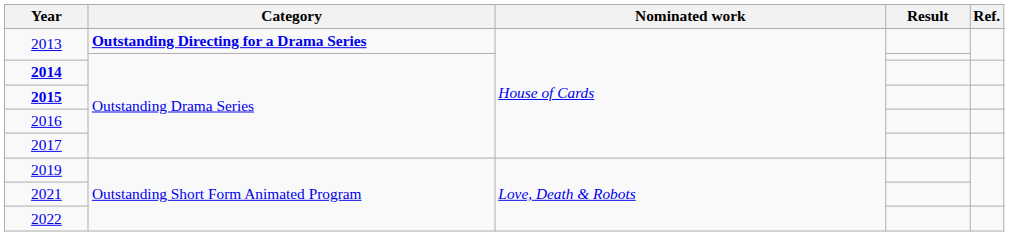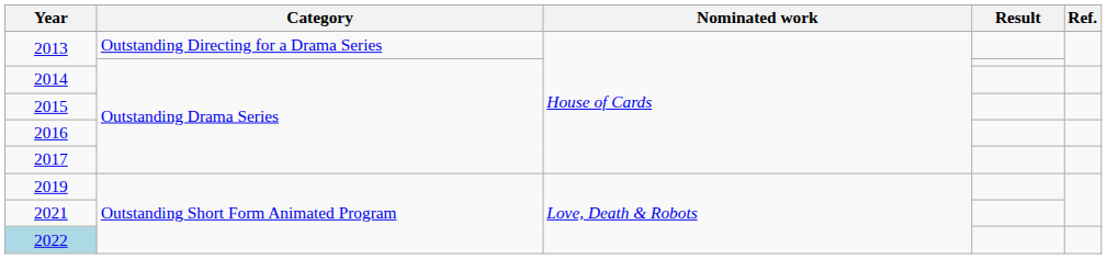 <table class=wikitable>
 <tr>
 <th scope="col" style="width:5em;">Year</th>
 <th scope="col" style="width:26em;">Category</th>
 <th scope="col" style="width:25em;">Nominated work</th>
 <th scope="col" style="width:5em;">Result</th>
 <th>Ref.</th>
 </tr>
 <tr>
 <td style="text-align:center;", rowspan=2><a href='#'>2013</a></td>
-<td><strong><a href='#'>Outstanding Directing for a Drama Series</a></strong></td>
+<td><a href='#'>Outstanding Directing for a Drama Series</a></td>
 <td rowspan="6"><em><a href='#'>House of Cards</a></em></td>
 <td></td>
 <td rowspan=2 style="text-align:center"></td>
 </tr>
 <tr>
 <td rowspan="5"><a href='#'>Outstanding Drama Series</a></td>
 <td></td>
 </tr>
 <tr>
-<td style="text-align:center"><strong><a href='#'>2014</a></strong></td>
+<td style="text-align:center"><a href='#'>2014</a></td>
 <td></td>
 <td></td>
 </tr>
 <tr>
-<td style="text-align:center"><strong><a href='#'>2015</a></strong></td>
+<td style="text-align:center"><a href='#'>2015</a></td>
 <td></td>
 <td style="text-align:center"></td>
 </tr>
 <tr>
 <td style="text-align:center"><a href='#'>2016</a></td>
 <td></td>
 <td style="text-align:center"></td>
 </tr>
 <tr>
 <td style="text-align:center"><a href='#'>2017</a></td>
 <td></td>
 <td></td>
 </tr>
 <tr>
 <td style="text-align:center"><a href='#'>2019</a></td>
 <td rowspan="3"><a href='#'>Outstanding Short Form Animated Program</a></td>
 <td rowspan="3"><em><a href='#'>Love, Death & Robots</a></em></td>
 <td></td>
 </tr>
 <tr>
 <td style="text-align:center"><a href='#'>2021</a></td>
 <td></td>
 </tr>
 <tr>
-<td style="text-align:center"><a href='#'>2022</a></td>
+<td style="background: lightblue; text-align:center"><a href='#'>2022</a></td>
 <td></td>
 <td></td>
 </tr>
 </table>
